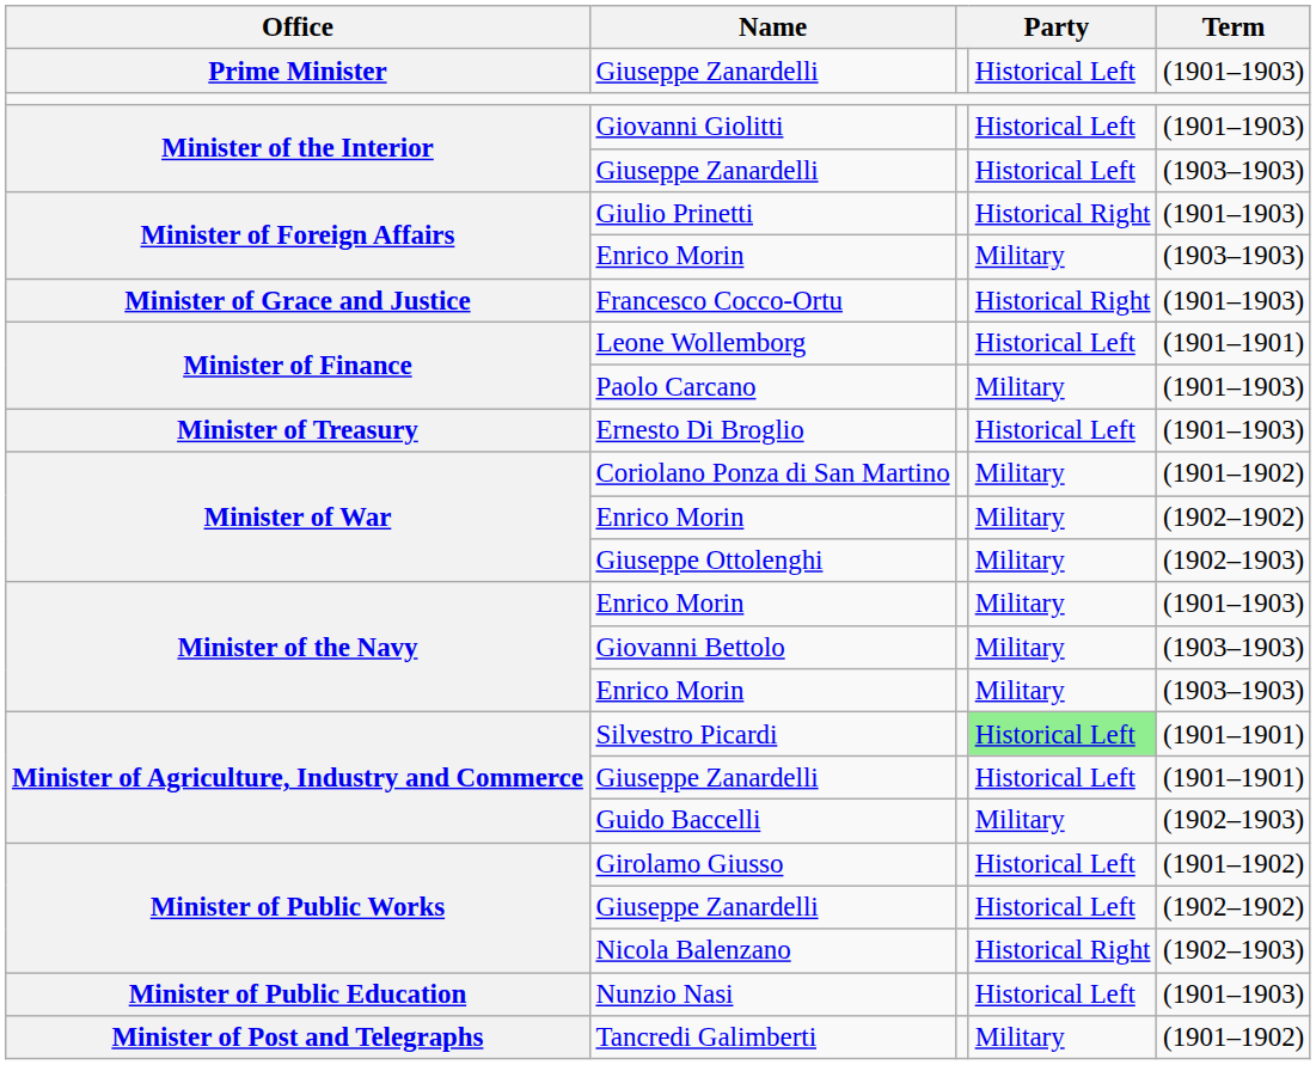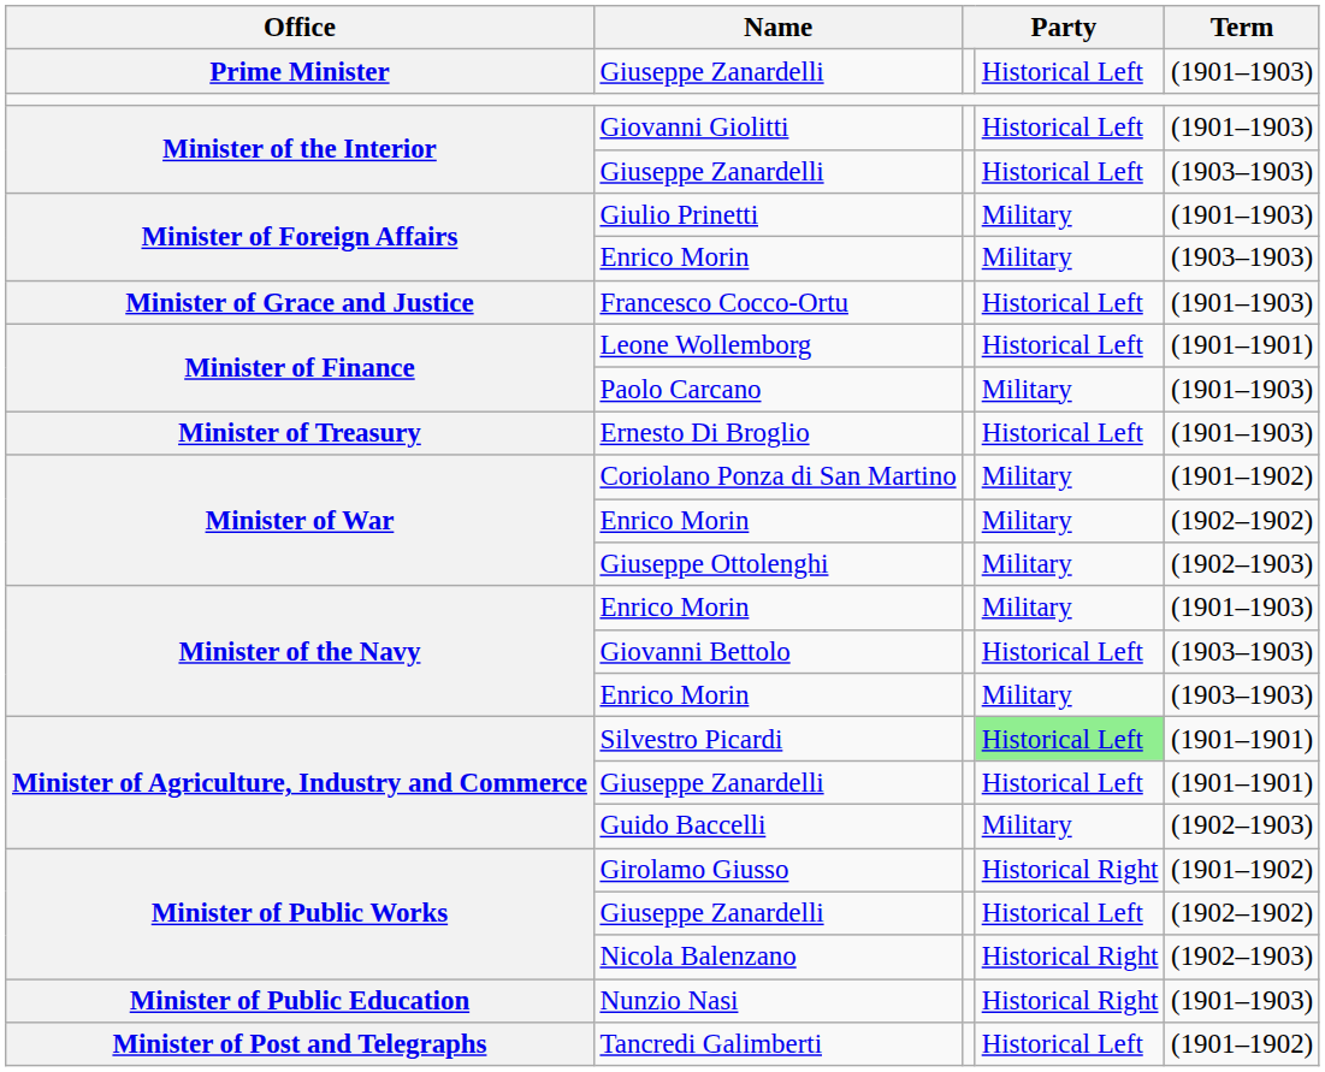 <table class="wikitable" style="font-size: 100%;">
 <tr>
 <th>Office</th>
 <th>Name</th>
 <th colspan=2>Party</th>
 <th>Term</th>
 </tr>
 <tr>
 <th><a href='#'>Prime Minister</a></th>
 <td><a href='#'>Giuseppe Zanardelli</a></td>
 <td style="color:inherit;background:"></td>
 <td><a href='#'>Historical Left</a></td>
 <td>(1901–1903)</td>
 </tr>
 <tr>
 <td colspan=6></td>
 </tr>
 <tr>
 <th rowspan=2><a href='#'>Minister of the Interior</a></th>
 <td><a href='#'>Giovanni Giolitti</a></td>
 <td style="color:inherit;background:"></td>
 <td><a href='#'>Historical Left</a></td>
 <td>(1901–1903)</td>
 </tr>
 <tr>
 <td><a href='#'>Giuseppe Zanardelli</a></td>
 <td style="color:inherit;background:"></td>
 <td><a href='#'>Historical Left</a></td>
 <td>(1903–1903)</td>
 </tr>
 <tr>
 <th rowspan=2><a href='#'>Minister of Foreign Affairs</a></th>
 <td><a href='#'>Giulio Prinetti</a></td>
 <td style="color:inherit;background:"></td>
-<td><a href='#'>Historical Right</a></td>
+<td><a href='#'>Military</a></td>
 <td>(1901–1903)</td>
 </tr>
 <tr>
 <td><a href='#'>Enrico Morin</a></td>
 <td style="color:inherit;background:"></td>
 <td><a href='#'>Military</a></td>
 <td>(1903–1903)</td>
 </tr>
 <tr>
 <th><a href='#'>Minister of Grace and Justice</a></th>
 <td><a href='#'>Francesco Cocco-Ortu</a></td>
 <td style="color:inherit;background:"></td>
-<td><a href='#'>Historical Right</a></td>
+<td><a href='#'>Historical Left</a></td>
 <td>(1901–1903)</td>
 </tr>
 <tr>
 <th rowspan=2><a href='#'>Minister of Finance</a></th>
 <td><a href='#'>Leone Wollemborg</a></td>
 <td style="color:inherit;background:"></td>
 <td><a href='#'>Historical Left</a></td>
 <td>(1901–1901)</td>
 </tr>
 <tr>
 <td><a href='#'>Paolo Carcano</a></td>
 <td style="color:inherit;background:"></td>
 <td><a href='#'>Military</a></td>
 <td>(1901–1903)</td>
 </tr>
 <tr>
 <th><a href='#'>Minister of Treasury</a></th>
 <td><a href='#'>Ernesto Di Broglio</a></td>
 <td style="color:inherit;background:"></td>
 <td><a href='#'>Historical Left</a></td>
 <td>(1901–1903)</td>
 </tr>
 <tr>
 <th rowspan=3><a href='#'>Minister of War</a></th>
 <td><a href='#'>Coriolano Ponza di San Martino</a></td>
 <td style="color:inherit;background:"></td>
 <td><a href='#'>Military</a></td>
 <td>(1901–1902)</td>
 </tr>
 <tr>
 <td><a href='#'>Enrico Morin</a></td>
 <td style="color:inherit;background:"></td>
 <td><a href='#'>Military</a></td>
 <td>(1902–1902)</td>
 </tr>
 <tr>
 <td><a href='#'>Giuseppe Ottolenghi</a></td>
 <td style="color:inherit;background:"></td>
 <td><a href='#'>Military</a></td>
 <td>(1902–1903)</td>
 </tr>
 <tr>
 <th rowspan=3><a href='#'>Minister of the Navy</a></th>
 <td><a href='#'>Enrico Morin</a></td>
 <td style="color:inherit;background:"></td>
 <td><a href='#'>Military</a></td>
 <td>(1901–1903)</td>
 </tr>
 <tr>
 <td><a href='#'>Giovanni Bettolo</a></td>
 <td style="color:inherit;background:"></td>
-<td><a href='#'>Military</a></td>
+<td><a href='#'>Historical Left</a></td>
 <td>(1903–1903)</td>
 </tr>
 <tr>
 <td><a href='#'>Enrico Morin</a></td>
 <td style="color:inherit;background:"></td>
 <td><a href='#'>Military</a></td>
 <td>(1903–1903)</td>
 </tr>
 <tr>
 <th rowspan=3><a href='#'>Minister of Agriculture, Industry and Commerce</a></th>
 <td><a href='#'>Silvestro Picardi</a></td>
 <td style="color:inherit;background:"></td>
 <td style="background: lightgreen;"><a href='#'>Historical Left</a></td>
 <td>(1901–1901)</td>
 </tr>
 <tr>
 <td><a href='#'>Giuseppe Zanardelli</a></td>
 <td style="color:inherit;background:"></td>
 <td><a href='#'>Historical Left</a></td>
 <td>(1901–1901)</td>
 </tr>
 <tr>
 <td><a href='#'>Guido Baccelli</a></td>
 <td style="color:inherit;background:"></td>
 <td><a href='#'>Military</a></td>
 <td>(1902–1903)</td>
 </tr>
 <tr>
 <th rowspan=3><a href='#'>Minister of Public Works</a></th>
 <td><a href='#'>Girolamo Giusso</a></td>
 <td style="color:inherit;background:"></td>
-<td><a href='#'>Historical Left</a></td>
+<td><a href='#'>Historical Right</a></td>
 <td>(1901–1902)</td>
 </tr>
 <tr>
 <td><a href='#'>Giuseppe Zanardelli</a></td>
 <td style="color:inherit;background:"></td>
 <td><a href='#'>Historical Left</a></td>
 <td>(1902–1902)</td>
 </tr>
 <tr>
 <td><a href='#'>Nicola Balenzano</a></td>
 <td style="color:inherit;background:"></td>
 <td><a href='#'>Historical Right</a></td>
 <td>(1902–1903)</td>
 </tr>
 <tr>
 <th><a href='#'>Minister of Public Education</a></th>
 <td><a href='#'>Nunzio Nasi</a></td>
 <td style="color:inherit;background:"></td>
-<td><a href='#'>Historical Left</a></td>
+<td><a href='#'>Historical Right</a></td>
 <td>(1901–1903)</td>
 </tr>
 <tr>
 <th><a href='#'>Minister of Post and Telegraphs</a></th>
 <td><a href='#'>Tancredi Galimberti</a></td>
 <td style="color:inherit;background:"></td>
-<td><a href='#'>Military</a></td>
+<td><a href='#'>Historical Left</a></td>
 <td>(1901–1902)</td>
 </tr>
 </table>
